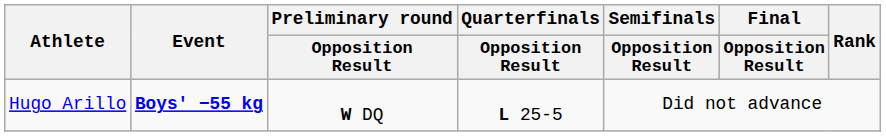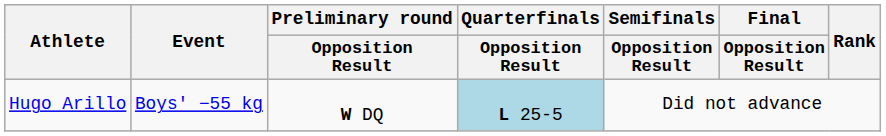 <table class="wikitable" style="font-size:90%;">
 <tr>
 <th rowspan=2>Athlete</th>
 <th rowspan=2>Event</th>
 <th>Preliminary round</th>
 <th>Quarterfinals</th>
 <th>Semifinals</th>
 <th>Final</th>
 <th rowspan=2>Rank</th>
 </tr>
 <tr style="font-size:95%">
 <th>Opposition<br>Result</th>
 <th>Opposition<br>Result</th>
 <th>Opposition<br>Result</th>
 <th>Opposition<br>Result</th>
 </tr>
 <tr align=center>
 <td align=left><a href='#'>Hugo Arillo</a></td>
-<td align=left><strong><a href='#'>Boys' −55 kg</a></strong></td>
+<td align=left><a href='#'>Boys' −55 kg</a></td>
 <td><br><strong>W</strong> DQ</td>
-<td><br><strong>L</strong> 25-5</td>
+<td style="background: lightblue;"><br><strong>L</strong> 25-5</td>
 <td colspan=3>Did not advance</td>
 </tr>
 </table>
